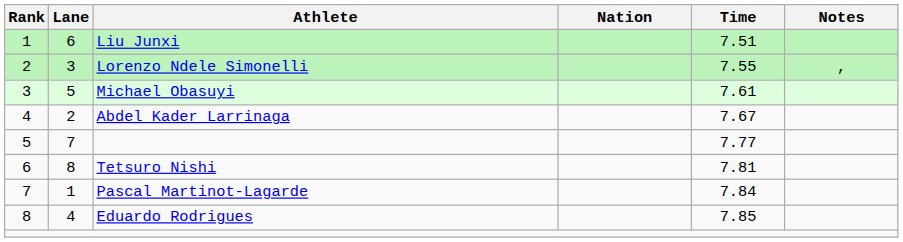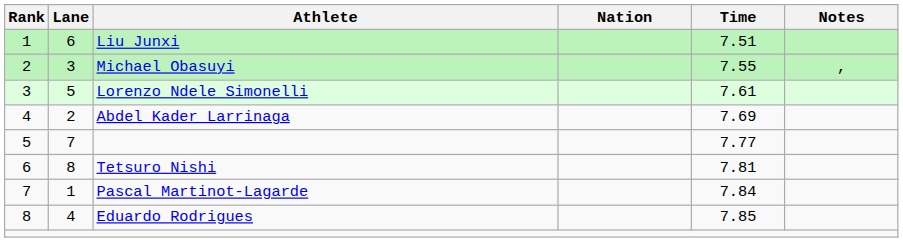 <table class="wikitable sortable" style="text-align:center;width: 60%;">
 <tr>
 <th scope="col" style="width: 10px;">Rank</th>
 <th scope="col" style="width: 10px;">Lane</th>
 <th scope="col">Athlete</th>
 <th scope="col">Nation</th>
 <th scope="col">Time</th>
 <th scope="col">Notes</th>
 </tr>
 <tr bgcolor=bbf3bb>
 <td>1</td>
 <td>6</td>
 <td align=left><a href='#'>Liu Junxi</a></td>
 <td align=left></td>
 <td>7.51</td>
 <td></td>
 </tr>
 <tr bgcolor=bbf3bb>
 <td>2</td>
 <td>3</td>
-<td align=left><a href='#'>Lorenzo Ndele Simonelli</a></td>
+<td align=left><a href='#'>Michael Obasuyi</a></td>
 <td align=left></td>
 <td>7.55</td>
 <td>, </td>
 </tr>
 <tr bgcolor=ddffdd>
 <td>3</td>
 <td>5</td>
-<td align=left><a href='#'>Michael Obasuyi</a></td>
+<td align=left><a href='#'>Lorenzo Ndele Simonelli</a></td>
 <td align=left></td>
 <td>7.61</td>
 <td></td>
 </tr>
 <tr>
 <td>4</td>
 <td>2</td>
 <td align=left><a href='#'>Abdel Kader Larrinaga</a></td>
 <td align=left></td>
-<td>7.67</td>
+<td>7.69</td>
 <td></td>
 </tr>
 <tr>
 <td>5</td>
 <td>7</td>
 <td align=left></td>
 <td align=left></td>
 <td>7.77</td>
 <td></td>
 </tr>
 <tr>
 <td>6</td>
 <td>8</td>
 <td align=left><a href='#'>Tetsuro Nishi</a></td>
 <td align=left></td>
 <td>7.81</td>
 <td></td>
 </tr>
 <tr>
 <td>7</td>
 <td>1</td>
 <td align=left><a href='#'>Pascal Martinot-Lagarde</a></td>
 <td align=left></td>
 <td>7.84</td>
 <td></td>
 </tr>
 <tr>
 <td>8</td>
 <td>4</td>
 <td align=left><a href='#'>Eduardo Rodrigues</a></td>
 <td align=left></td>
 <td>7.85</td>
 <td></td>
 </tr>
 <tr class="sortbottom">
 <td colspan="6"></td>
 </tr>
 </table>
